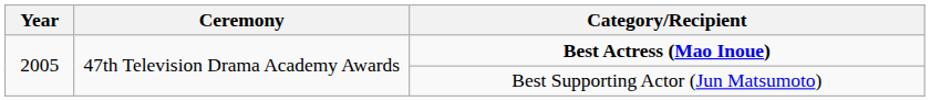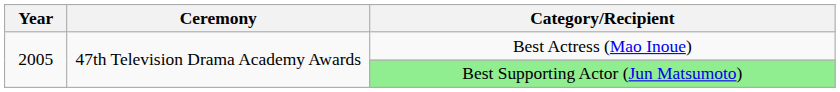 <table class="wikitable">
 <tr>
 <th style="width:50px;">Year</th>
 <th style="width:270px;">Ceremony</th>
 <th style="width:420px;">Category/Recipient</th>
 </tr>
 <tr>
 <td align="center" rowspan=2>2005</td>
 <td align="center" rowspan=2>47th Television Drama Academy Awards</td>
-<td align="center"><strong>Best Actress (<a href='#'>Mao Inoue</a>)</strong></td>
+<td align="center">Best Actress (<a href='#'>Mao Inoue</a>)</td>
 </tr>
 <tr>
-<td align="center">Best Supporting Actor (<a href='#'>Jun Matsumoto</a>)</td>
+<td align="center" style="background: lightgreen;">Best Supporting Actor (<a href='#'>Jun Matsumoto</a>)</td>
 </tr>
 </table>
